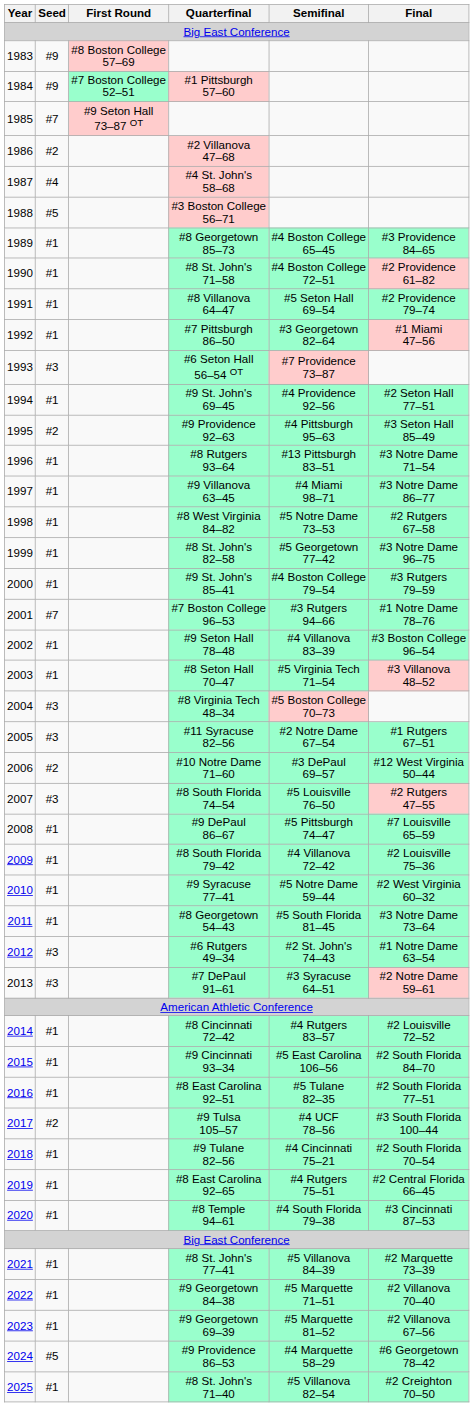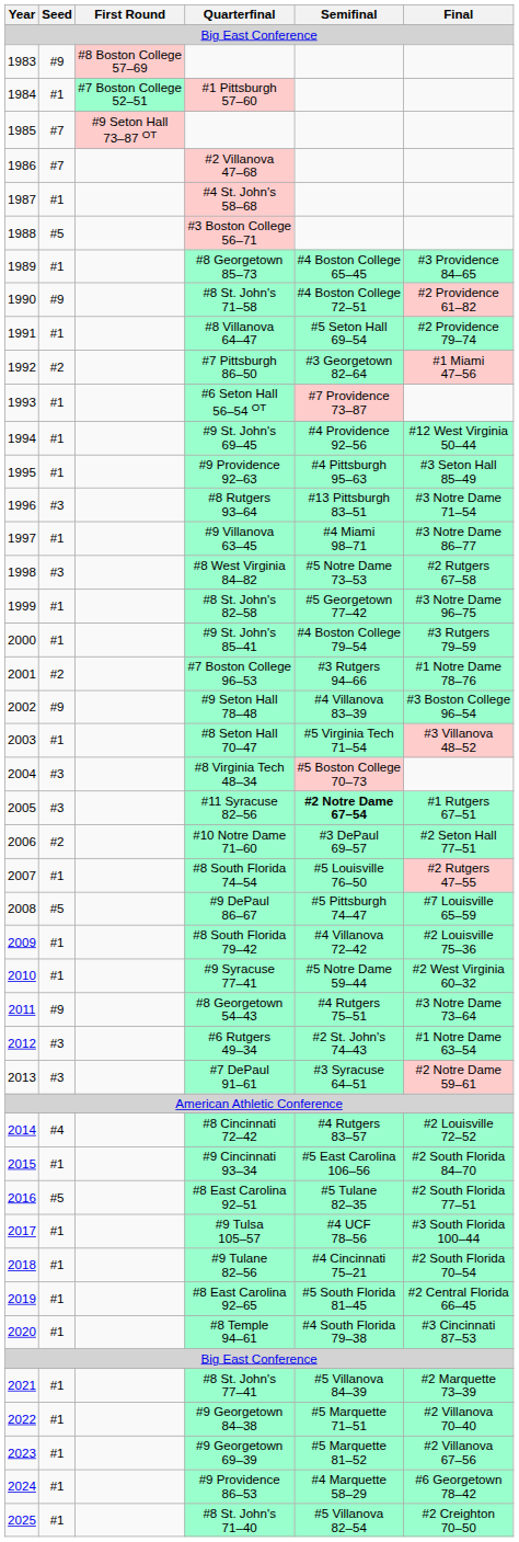 <table class="wikitable"  style="font-size:11pt; text-align:center; vertical-align:bottom;">
 <tr>
 <th width=px>Year</th>
 <th width=px>Seed</th>
 <th width=px>First Round</th>
 <th width=px>Quarterfinal</th>
 <th width=px>Semifinal</th>
 <th width=px>Final</th>
 </tr>
 <tr>
 <td colspan="7" style="background:#d3d3d3;"><a href='#'>Big East Conference</a></td>
 </tr>
 <tr>
 <td>1983</td>
 <td>#9</td>
 <td style="background:#ffcccc;">#8 Boston College <br> 57–69</td>
 <td></td>
 <td></td>
 <td></td>
 </tr>
 <tr>
 <td>1984</td>
-<td>#9</td>
+<td>#1</td>
 <td style="background:#99ffcc;">#7 Boston College <br> 52–51</td>
 <td style="background:#ffcccc;">#1 Pittsburgh <br> 57–60</td>
 <td></td>
 <td></td>
 </tr>
 <tr>
 <td>1985</td>
 <td>#7</td>
 <td style="background:#ffcccc;">#9 Seton Hall <br> 73–87 <sup>OT</sup></td>
 <td></td>
 <td></td>
 <td></td>
 </tr>
 <tr>
 <td>1986</td>
-<td>#2</td>
+<td>#7</td>
 <td></td>
 <td style="background:#ffcccc;">#2 Villanova <br> 47–68</td>
 <td></td>
 <td></td>
 </tr>
 <tr>
 <td>1987</td>
-<td>#4</td>
+<td>#1</td>
 <td></td>
 <td style="background:#ffcccc;">#4 St. John's <br> 58–68</td>
 <td></td>
 <td></td>
 </tr>
 <tr>
 <td>1988</td>
 <td>#5</td>
 <td></td>
 <td style="background:#ffcccc;">#3 Boston College <br> 56–71</td>
 <td></td>
 <td></td>
 </tr>
 <tr>
 <td>1989</td>
 <td>#1</td>
 <td></td>
 <td style="background:#99ffcc">#8 Georgetown <br> 85–73</td>
 <td style="background:#99ffcc;">#4 Boston College <br> 65–45</td>
 <td style="background:#99ffcc;">#3 Providence <br> 84–65</td>
 </tr>
 <tr>
 <td>1990</td>
-<td>#1</td>
+<td>#9</td>
 <td></td>
 <td style="background:#99ffcc;">#8 St. John's <br> 71–58</td>
 <td style="background:#99ffcc;">#4 Boston College <br> 72–51</td>
 <td style="background:#ffcccc;">#2 Providence <br> 61–82</td>
 </tr>
 <tr>
 <td>1991</td>
 <td>#1</td>
 <td></td>
 <td style="background:#99ffcc;">#8 Villanova <br> 64–47</td>
 <td style="background:#99ffcc;">#5 Seton Hall <br> 69–54</td>
 <td style="background:#99ffcc;">#2 Providence <br> 79–74</td>
 </tr>
 <tr>
 <td>1992</td>
-<td>#1</td>
+<td>#2</td>
 <td></td>
 <td style="background:#99ffcc;">#7 Pittsburgh <br> 86–50</td>
 <td style="background:#99ffcc;">#3 Georgetown <br> 82–64</td>
 <td style="background:#ffcccc;">#1 Miami <br> 47–56</td>
 </tr>
 <tr>
 <td>1993</td>
-<td>#3</td>
+<td>#1</td>
 <td></td>
 <td style="background:#99ffcc;">#6 Seton Hall <br> 56–54 <sup>OT</sup></td>
 <td style="background:#ffcccc;">#7 Providence <br> 73–87</td>
 <td></td>
 </tr>
 <tr>
 <td>1994</td>
 <td>#1</td>
 <td></td>
 <td style="background:#99ffcc;">#9 St. John's <br> 69–45</td>
 <td style="background:#99ffcc;">#4 Providence <br> 92–56</td>
-<td style="background:#99ffcc;">#2 Seton Hall <br> 77–51</td>
+<td style="background:#99ffcc;">#12 West Virginia <br> 50–44</td>
 </tr>
 <tr>
 <td>1995</td>
-<td>#2</td>
+<td>#1</td>
 <td></td>
 <td style="background:#99ffcc;">#9 Providence <br> 92–63</td>
 <td style="background:#99ffcc;">#4 Pittsburgh <br> 95–63</td>
 <td style="background:#99ffcc;">#3 Seton Hall <br> 85–49</td>
 </tr>
 <tr>
 <td>1996</td>
-<td>#1</td>
+<td>#3</td>
 <td></td>
 <td style="background:#99ffcc;">#8 Rutgers <br> 93–64</td>
 <td style="background:#99ffcc;">#13 Pittsburgh <br> 83–51</td>
 <td style="background:#99ffcc;">#3 Notre Dame <br> 71–54</td>
 </tr>
 <tr>
 <td>1997</td>
 <td>#1</td>
 <td></td>
 <td style="background:#99ffcc;">#9 Villanova <br> 63–45</td>
 <td style="background:#99ffcc;">#4 Miami <br> 98–71</td>
 <td style="background:#99ffcc;">#3 Notre Dame <br> 86–77</td>
 </tr>
 <tr>
 <td>1998</td>
-<td>#1</td>
+<td>#3</td>
 <td></td>
 <td style="background:#99ffcc;">#8 West Virginia <br> 84–82</td>
 <td style="background:#99ffcc;">#5 Notre Dame <br> 73–53</td>
 <td style="background:#99ffcc;">#2 Rutgers <br> 67–58</td>
 </tr>
 <tr>
 <td>1999</td>
 <td>#1</td>
 <td></td>
 <td style="background:#99ffcc;">#8 St. John's <br> 82–58</td>
 <td style="background:#99ffcc;">#5 Georgetown <br> 77–42</td>
 <td style="background:#99ffcc;">#3 Notre Dame <br> 96–75</td>
 </tr>
 <tr>
 <td>2000</td>
 <td>#1</td>
 <td></td>
 <td style="background:#99ffcc;">#9 St. John's <br> 85–41</td>
 <td style="background:#99ffcc;">#4 Boston College <br> 79–54</td>
 <td style="background:#99ffcc;">#3 Rutgers <br> 79–59</td>
 </tr>
 <tr>
 <td>2001</td>
-<td>#7</td>
+<td>#2</td>
 <td></td>
 <td style="background:#99ffcc;">#7 Boston College <br> 96–53</td>
 <td style="background:#99ffcc;">#3 Rutgers <br> 94–66</td>
 <td style="background:#99ffcc;">#1 Notre Dame <br> 78–76</td>
 </tr>
 <tr>
 <td>2002</td>
-<td>#1</td>
+<td>#9</td>
 <td></td>
 <td style="background:#99ffcc;">#9 Seton Hall <br> 78–48</td>
 <td style="background:#99ffcc;">#4 Villanova <br> 83–39</td>
 <td style="background:#99ffcc;">#3 Boston College <br> 96–54</td>
 </tr>
 <tr>
 <td>2003</td>
 <td>#1</td>
 <td></td>
 <td style="background:#99ffcc;">#8 Seton Hall <br> 70–47</td>
 <td style="background:#99ffcc;">#5 Virginia Tech <br> 71–54</td>
 <td style="background:#ffcccc;">#3 Villanova <br> 48–52</td>
 </tr>
 <tr>
 <td>2004</td>
 <td>#3</td>
 <td></td>
 <td style="background:#99ffcc;">#8 Virginia Tech <br> 48–34</td>
 <td style="background:#ffcccc;">#5 Boston College <br> 70–73</td>
 <td></td>
 </tr>
 <tr>
 <td>2005</td>
 <td>#3</td>
 <td></td>
 <td style="background:#99ffcc;">#11 Syracuse <br> 82–56</td>
-<td style="background:#99ffcc;">#2 Notre Dame <br> 67–54</td>
+<td style="background:#99ffcc;"><strong>#2 Notre Dame <br> 67–54</strong></td>
 <td style="background:#99ffcc;">#1 Rutgers <br> 67–51</td>
 </tr>
 <tr>
 <td>2006</td>
 <td>#2</td>
 <td></td>
 <td style="background:#99ffcc;">#10 Notre Dame <br> 71–60</td>
 <td style="background:#99ffcc;">#3 DePaul <br> 69–57</td>
-<td style="background:#99ffcc;">#12 West Virginia <br> 50–44</td>
+<td style="background:#99ffcc;">#2 Seton Hall <br> 77–51</td>
 </tr>
 <tr>
 <td>2007</td>
-<td>#3</td>
+<td>#1</td>
 <td></td>
 <td style="background:#99ffcc;">#8 South Florida <br> 74–54</td>
 <td style="background:#99ffcc;">#5 Louisville <br> 76–50</td>
 <td style="background:#ffcccc;">#2 Rutgers <br> 47–55</td>
 </tr>
 <tr>
 <td>2008</td>
-<td>#1</td>
+<td>#5</td>
 <td></td>
 <td style="background:#99ffcc;">#9 DePaul <br> 86–67</td>
 <td style="background:#99ffcc;">#5 Pittsburgh <br> 74–47</td>
 <td style="background:#99ffcc;">#7 Louisville <br> 65–59</td>
 </tr>
 <tr>
 <td><a href='#'>2009</a></td>
 <td>#1</td>
 <td></td>
 <td style="background:#99ffcc;">#8 South Florida <br> 79–42</td>
 <td style="background:#99ffcc;">#4 Villanova <br> 72–42</td>
 <td style="background:#99ffcc;">#2 Louisville <br> 75–36</td>
 </tr>
 <tr>
 <td><a href='#'>2010</a></td>
 <td>#1</td>
 <td></td>
 <td style="background:#99ffcc;">#9 Syracuse <br> 77–41</td>
 <td style="background:#99ffcc;">#5 Notre Dame <br> 59–44</td>
 <td style="background:#99ffcc;">#2 West Virginia <br> 60–32</td>
 </tr>
 <tr>
 <td><a href='#'>2011</a></td>
-<td>#1</td>
+<td>#9</td>
 <td></td>
 <td style="background:#99ffcc;">#8 Georgetown <br> 54–43</td>
-<td style="background:#99ffcc;">#5 South Florida <br> 81–45</td>
+<td style="background:#99ffcc;">#4 Rutgers <br> 75–51</td>
 <td style="background:#99ffcc;">#3 Notre Dame <br> 73–64</td>
 </tr>
 <tr>
 <td><a href='#'>2012</a></td>
 <td>#3</td>
 <td></td>
 <td style="background:#99ffcc;">#6 Rutgers <br> 49–34</td>
 <td style="background:#99ffcc;">#2 St. John's <br> 74–43</td>
 <td style="background:#99ffcc;">#1 Notre Dame <br> 63–54</td>
 </tr>
 <tr>
 <td>2013</td>
 <td>#3</td>
 <td></td>
 <td style="background:#99ffcc;">#7 DePaul <br> 91–61</td>
 <td style="background:#99ffcc;">#3 Syracuse <br> 64–51</td>
 <td style="background:#ffcccc;">#2 Notre Dame <br> 59–61</td>
 </tr>
 <tr>
 <td colspan="7" style="background:#d3d3d3;"><a href='#'>American Athletic Conference</a></td>
 </tr>
 <tr>
 <td><a href='#'>2014</a></td>
-<td>#1</td>
+<td>#4</td>
 <td></td>
 <td style="background:#99ffcc;">#8 Cincinnati <br> 72–42</td>
 <td style="background:#99ffcc;">#4 Rutgers <br> 83–57</td>
 <td style="background:#99ffcc;">#2 Louisville <br> 72–52</td>
 </tr>
 <tr>
 <td><a href='#'>2015</a></td>
 <td>#1</td>
 <td></td>
 <td style="background:#99ffcc;">#9 Cincinnati <br> 93–34</td>
 <td style="background:#99ffcc;">#5 East Carolina <br> 106–56</td>
 <td style="background:#99ffcc;">#2 South Florida <br> 84–70</td>
 </tr>
 <tr>
 <td><a href='#'>2016</a></td>
-<td>#1</td>
+<td>#5</td>
 <td></td>
 <td style="background:#99ffcc;">#8 East Carolina <br> 92–51</td>
 <td style="background:#99ffcc;">#5 Tulane <br> 82–35</td>
 <td style="background:#99ffcc;">#2 South Florida <br> 77–51</td>
 </tr>
 <tr>
 <td><a href='#'>2017</a></td>
-<td>#2</td>
+<td>#1</td>
 <td></td>
 <td style="background:#99ffcc;">#9 Tulsa <br> 105–57</td>
 <td style="background:#99ffcc;">#4 UCF <br> 78–56</td>
 <td style="background:#99ffcc;">#3 South Florida <br> 100–44</td>
 </tr>
 <tr>
 <td><a href='#'>2018</a></td>
 <td>#1</td>
 <td></td>
 <td style="background:#99ffcc;">#9 Tulane <br> 82–56</td>
 <td style="background:#99ffcc;">#4 Cincinnati <br> 75–21</td>
 <td style="background:#99ffcc;">#2 South Florida <br> 70–54</td>
 </tr>
 <tr>
 <td><a href='#'>2019</a></td>
 <td>#1</td>
 <td></td>
 <td style="background:#99ffcc;">#8 East Carolina <br> 92–65</td>
-<td style="background:#99ffcc;">#4 Rutgers <br> 75–51</td>
+<td style="background:#99ffcc;">#5 South Florida <br> 81–45</td>
 <td style="background:#99ffcc;">#2 Central Florida <br> 66–45</td>
 </tr>
 <tr>
 <td><a href='#'>2020</a></td>
 <td>#1</td>
 <td></td>
 <td style="background:#99ffcc;">#8 Temple <br> 94–61</td>
 <td style="background:#99ffcc;">#4 South Florida <br> 79–38</td>
 <td style="background:#99ffcc;">#3 Cincinnati <br> 87–53</td>
 </tr>
 <tr>
 <td colspan="7" style="background:#d3d3d3;"><a href='#'>Big East Conference</a></td>
 </tr>
 <tr>
 <td><a href='#'>2021</a></td>
 <td>#1</td>
 <td></td>
 <td style="background:#99ffcc;">#8 St. John's <br> 77–41</td>
 <td style="background:#99ffcc;">#5 Villanova <br> 84–39</td>
 <td style="background:#99ffcc;">#2 Marquette <br> 73–39</td>
 </tr>
 <tr>
 <td><a href='#'>2022</a></td>
 <td>#1</td>
 <td></td>
 <td style="background:#99ffcc;">#9 Georgetown <br> 84–38</td>
 <td style="background:#99ffcc;">#5 Marquette <br> 71–51</td>
 <td style="background:#99ffcc;">#2 Villanova <br> 70–40</td>
 </tr>
 <tr>
 <td><a href='#'>2023</a></td>
 <td>#1</td>
 <td></td>
 <td style="background:#99ffcc;">#9 Georgetown <br> 69–39</td>
 <td style="background:#99ffcc;">#5 Marquette <br> 81–52</td>
 <td style="background:#99ffcc;">#2 Villanova <br> 67–56</td>
 </tr>
 <tr>
 <td><a href='#'>2024</a></td>
-<td>#5</td>
+<td>#1</td>
 <td></td>
 <td style="background:#99ffcc;">#9 Providence <br> 86–53</td>
 <td style="background:#99ffcc;">#4 Marquette <br> 58–29</td>
 <td style="background:#99ffcc;">#6 Georgetown <br> 78–42</td>
 </tr>
 <tr>
 <td><a href='#'>2025</a></td>
 <td>#1</td>
 <td></td>
 <td style="background:#99ffcc;">#8 St. John's <br> 71–40</td>
 <td style="background:#99ffcc;">#5 Villanova <br> 82–54</td>
 <td style="background:#99ffcc;">#2 Creighton <br> 70–50</td>
 </tr>
 </table>
